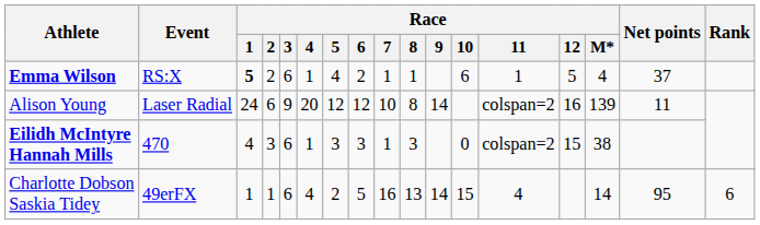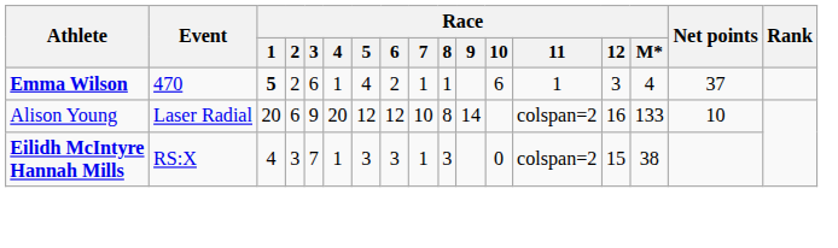 <table class=wikitable style=font-size:90%;text-align:center>
 <tr>
 <th rowspan=2>Athlete</th>
 <th rowspan=2>Event</th>
 <th colspan=13>Race</th>
 <th rowspan=2>Net points</th>
 <th rowspan=2>Rank</th>
 </tr>
 <tr style=font-size:95%>
 <th>1</th>
 <th>2</th>
 <th>3</th>
 <th>4</th>
 <th>5</th>
 <th>6</th>
 <th>7</th>
 <th>8</th>
 <th>9</th>
 <th>10</th>
 <th>11</th>
 <th>12</th>
 <th>M*</th>
 </tr>
 <tr>
 <td align=left><strong><a href='#'>Emma Wilson</a></strong></td>
-<td align=left><a href='#'>RS:X</a></td>
+<td align=left><a href='#'>470</a></td>
 <td><strong>5</strong></td>
 <td>2</td>
 <td>6</td>
 <td>1</td>
 <td>4</td>
 <td>2</td>
 <td>1</td>
 <td>1</td>
 <td></td>
 <td>6</td>
 <td>1</td>
-<td>5</td>
+<td>3</td>
 <td>4</td>
 <td>37</td>
 <td></td>
 </tr>
 <tr>
 <td align=left><a href='#'>Alison Young</a></td>
 <td align=left><a href='#'>Laser Radial</a></td>
-<td>24</td>
+<td>20</td>
 <td>6</td>
 <td>9</td>
 <td>20</td>
 <td>12</td>
 <td>12</td>
 <td>10</td>
 <td>8</td>
 <td>14</td>
 <td></td>
 <td>colspan=2 </td>
 <td>16</td>
-<td>139</td>
-<td>11</td>
+<td>133</td>
+<td>10</td>
 </tr>
 <tr>
 <td align=left><strong><a href='#'>Eilidh McIntyre</a><br><a href='#'>Hannah Mills</a></strong></td>
-<td align=left><a href='#'>470</a></td>
+<td align=left><a href='#'>RS:X</a></td>
 <td>4</td>
 <td>3</td>
-<td>6</td>
+<td>7</td>
 <td>1</td>
 <td>3</td>
 <td>3</td>
 <td>1</td>
 <td>3</td>
 <td></td>
 <td>0</td>
 <td>colspan=2 </td>
 <td>15</td>
 <td>38</td>
 <td></td>
 </tr>
-<tr>
-<td align=left><a href='#'>Charlotte Dobson</a><br><a href='#'>Saskia Tidey</a></td>
-<td align=left><a href='#'>49erFX</a></td>
-<td>1</td>
-<td>1</td>
-<td>6</td>
-<td>4</td>
-<td>2</td>
-<td>5</td>
-<td>16</td>
-<td>13</td>
-<td>14</td>
-<td>15</td>
-<td>4</td>
-<td></td>
-<td>14</td>
-<td>95</td>
-<td>6</td>
-</tr>
 </table>
